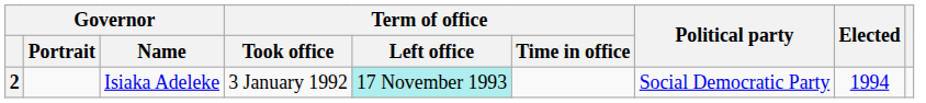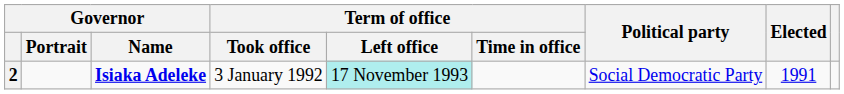 <table class="wikitable" style="text-align:center">
 <tr>
 <th colspan=3>Governor</th>
 <th colspan=3>Term of office</th>
 <th rowspan=2>Political party</th>
 <th rowspan=2>Elected</th>
 <th rowspan=2></th>
 </tr>
 <tr>
 <th></th>
 <th>Portrait</th>
 <th>Name<br></th>
 <th>Took office</th>
 <th>Left office</th>
 <th>Time in office</th>
 </tr>
 <tr>
 <th style="background:">2</th>
 <td></td>
-<td><a href='#'>Isiaka Adeleke</a><br></td>
+<td><strong><a href='#'>Isiaka Adeleke</a><br></strong></td>
 <td>3 January 1992</td>
 <td style="background: paleturquoise;">17 November 1993</td>
 <td></td>
 <td><a href='#'>Social Democratic Party</a></td>
-<td><a href='#'>1994</a></td>
+<td><a href='#'>1991</a></td>
 <td></td>
 </tr>
 </table>
